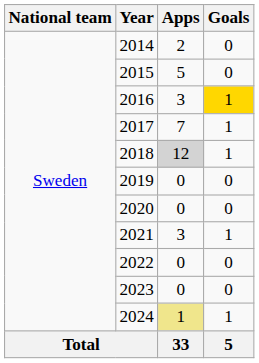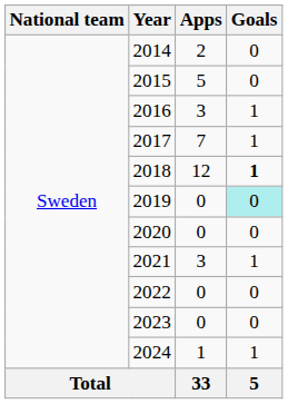 <table class="wikitable" style="text-align: center;">
 <tr>
 <th>National team</th>
 <th>Year</th>
 <th>Apps</th>
 <th>Goals</th>
 </tr>
 <tr>
 <td rowspan="11"><a href='#'>Sweden</a></td>
 <td>2014</td>
 <td>2</td>
 <td>0</td>
 </tr>
 <tr>
 <td>2015</td>
 <td>5</td>
 <td>0</td>
 </tr>
 <tr>
 <td>2016</td>
 <td>3</td>
-<td style="background: gold;">1</td>
+<td>1</td>
 </tr>
 <tr>
 <td>2017</td>
 <td>7</td>
 <td>1</td>
 </tr>
 <tr>
 <td>2018</td>
-<td style="background: lightgrey;">12</td>
-<td>1</td>
+<td>12</td>
+<td><strong>1</strong></td>
 </tr>
 <tr>
 <td>2019</td>
 <td>0</td>
-<td>0</td>
+<td style="background: paleturquoise;">0</td>
 </tr>
 <tr>
 <td>2020</td>
 <td>0</td>
 <td>0</td>
 </tr>
 <tr>
 <td>2021</td>
 <td>3</td>
 <td>1</td>
 </tr>
 <tr>
 <td>2022</td>
 <td>0</td>
 <td>0</td>
 </tr>
 <tr>
 <td>2023</td>
 <td>0</td>
 <td>0</td>
 </tr>
 <tr>
 <td>2024</td>
-<td style="background: khaki;">1</td>
+<td>1</td>
 <td>1</td>
 </tr>
 <tr>
 <th colspan="2">Total</th>
 <th>33</th>
 <th>5</th>
 </tr>
 </table>
